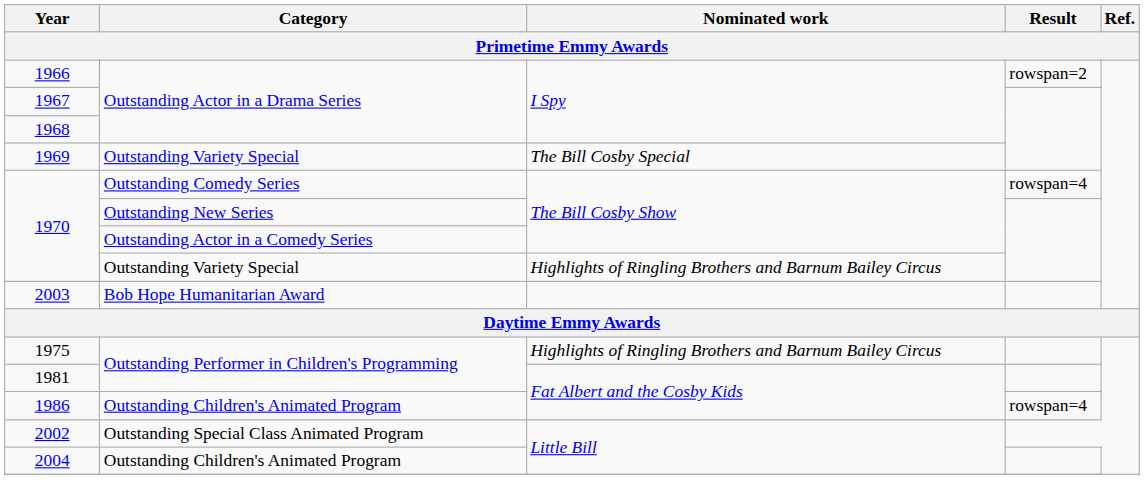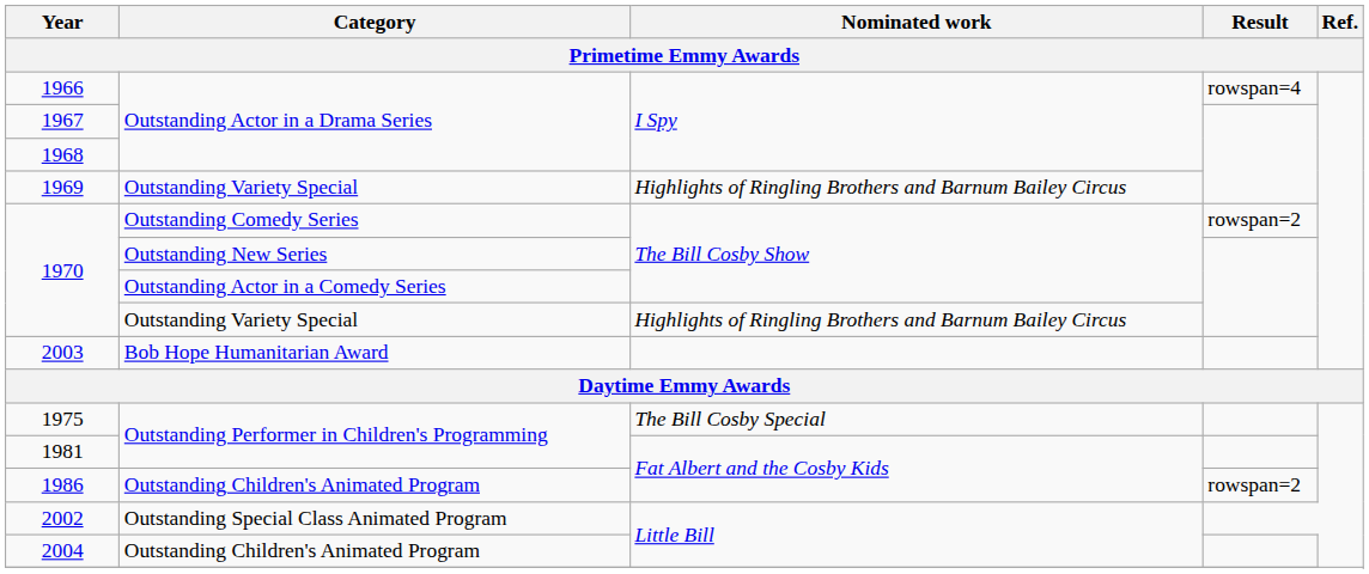 <table class=wikitable>
 <tr>
 <th scope="col" style="width:5em;">Year</th>
 <th scope="col" style="width:24em;">Category</th>
 <th scope="col" style="width:27em;">Nominated work</th>
 <th scope="col" style="width:5em;">Result</th>
 <th>Ref.</th>
 </tr>
 <tr>
 <th colspan=5><a href='#'>Primetime Emmy Awards</a></th>
 </tr>
 <tr>
 <td style="text-align:center;"><a href='#'>1966</a></td>
 <td rowspan=3><a href='#'>Outstanding Actor in a Drama Series</a></td>
 <td rowspan=3><em><a href='#'>I Spy</a></em></td>
-<td>rowspan=2 </td>
+<td>rowspan=4 </td>
 <td rowspan=9></td>
 </tr>
 <tr>
 <td style="text-align:center;"><a href='#'>1967</a></td>
 </tr>
 <tr>
 <td style="text-align:center;"><a href='#'>1968</a></td>
 </tr>
 <tr>
 <td style="text-align:center;"><a href='#'>1969</a></td>
 <td><a href='#'>Outstanding Variety Special</a></td>
-<td><em>The Bill Cosby Special</em></td>
+<td><em>Highlights of Ringling Brothers and Barnum Bailey Circus</em></td>
 </tr>
 <tr>
 <td style="text-align:center;", rowspan=4><a href='#'>1970</a></td>
 <td><a href='#'>Outstanding Comedy Series</a></td>
 <td rowspan=3><em><a href='#'>The Bill Cosby Show</a></em></td>
-<td>rowspan=4 </td>
+<td>rowspan=2 </td>
 </tr>
 <tr>
 <td><a href='#'>Outstanding New Series</a></td>
 </tr>
 <tr>
 <td><a href='#'>Outstanding Actor in a Comedy Series</a></td>
 </tr>
 <tr>
 <td>Outstanding Variety Special</td>
 <td><em>Highlights of Ringling Brothers and Barnum Bailey Circus</em></td>
 </tr>
 <tr>
 <td style="text-align:center;"><a href='#'>2003</a></td>
 <td><a href='#'>Bob Hope Humanitarian Award</a></td>
 <td></td>
 <td></td>
 </tr>
 <tr>
 <th colspan=5><a href='#'>Daytime Emmy Awards</a></th>
 </tr>
 <tr>
 <td style="text-align:center;">1975</td>
 <td rowspan=2><a href='#'>Outstanding Performer in Children's Programming</a></td>
-<td><em>Highlights of Ringling Brothers and Barnum Bailey Circus</em></td>
+<td><em>The Bill Cosby Special</em></td>
 <td></td>
 </tr>
 <tr>
 <td style="text-align:center;">1981</td>
 <td rowspan=2><em><a href='#'>Fat Albert and the Cosby Kids</a></em></td>
 <td></td>
 </tr>
 <tr>
 <td style="text-align:center;"><a href='#'>1986</a></td>
 <td><a href='#'>Outstanding Children's Animated Program</a></td>
-<td>rowspan=4 </td>
+<td>rowspan=2 </td>
 </tr>
 <tr>
 <td style="text-align:center;"><a href='#'>2002</a></td>
 <td>Outstanding Special Class Animated Program</td>
 <td rowspan=2><em><a href='#'>Little Bill</a></em></td>
 </tr>
 <tr>
 <td style="text-align:center;"><a href='#'>2004</a></td>
 <td>Outstanding Children's Animated Program</td>
 <td></td>
 </tr>
 <tr>
 </tr>
 </table>
